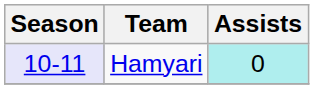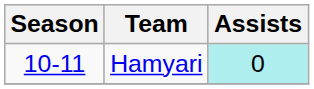 <table class="wikitable" style="text-align: center;">
 <tr>
 <th>Season</th>
 <th>Team</th>
 <th>Assists</th>
 </tr>
 <tr>
-<td style="background: lavender;"><a href='#'>10-11</a></td>
+<td><a href='#'>10-11</a></td>
 <td align="left"><a href='#'>Hamyari</a></td>
 <td style="background: paleturquoise;">0</td>
 </tr>
 <tr>
 </tr>
 </table>
